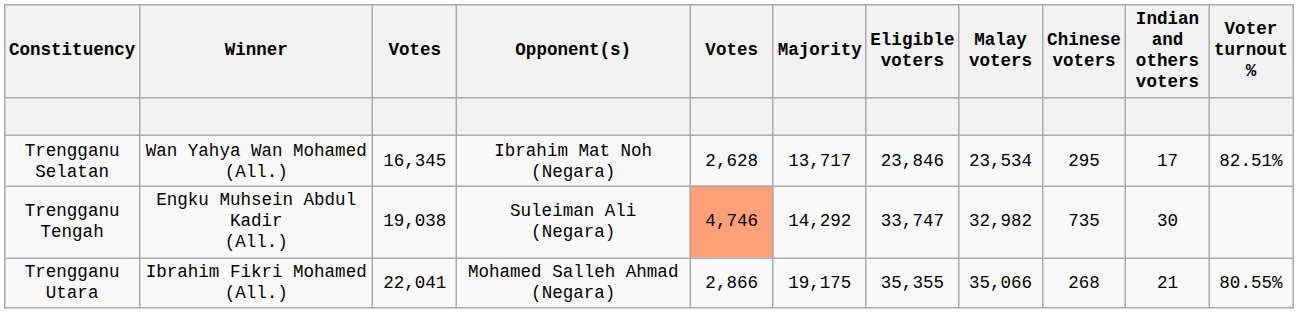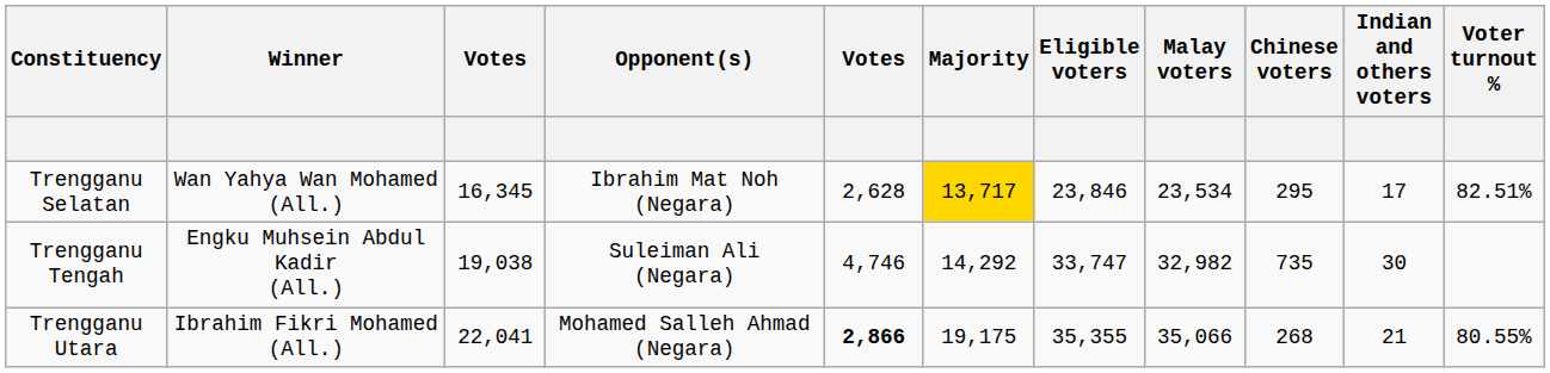 <table class="wikitable sortable" style="text-align:center; font-size:90%">
 <tr>
 <th width="60">Constituency</th>
 <th width="150">Winner</th>
 <th width="50">Votes</th>
 <th width="150">Opponent(s)</th>
 <th width="50">Votes</th>
 <th width="50">Majority</th>
 <th width="50">Eligible voters</th>
 <th width="50">Malay voters</th>
 <th width="50">Chinese voters</th>
 <th width="50">Indian and others voters</th>
 <th width="50">Voter turnout %</th>
 </tr>
 <tr>
 <th height="20"></th>
 <th></th>
 <th></th>
 <th></th>
 <th></th>
 <th></th>
 <th></th>
 <th></th>
 <th></th>
 <th></th>
 <th></th>
 </tr>
 <tr>
 <td>Trengganu Selatan</td>
 <td>Wan Yahya Wan Mohamed<br>(All.)</td>
 <td>16,345</td>
 <td>Ibrahim Mat Noh<br>(Negara)</td>
 <td>2,628</td>
-<td>13,717</td>
+<td style="background: gold;">13,717</td>
 <td>23,846</td>
 <td>23,534</td>
 <td>295</td>
 <td>17</td>
 <td>82.51%</td>
 </tr>
 <tr>
 <td>Trengganu Tengah</td>
 <td>Engku Muhsein Abdul Kadir<br>(All.)</td>
 <td>19,038</td>
 <td>Suleiman Ali<br>(Negara)</td>
-<td style="background: lightsalmon;">4,746</td>
+<td>4,746</td>
 <td>14,292</td>
 <td>33,747</td>
 <td>32,982</td>
 <td>735</td>
 <td>30</td>
 <td></td>
 </tr>
 <tr>
 <td>Trengganu Utara</td>
 <td>Ibrahim Fikri Mohamed<br>(All.)</td>
 <td>22,041</td>
 <td>Mohamed Salleh Ahmad<br>(Negara)</td>
-<td>2,866</td>
+<td><strong>2,866</strong></td>
 <td>19,175</td>
 <td>35,355</td>
 <td>35,066</td>
 <td>268</td>
 <td>21</td>
 <td>80.55%</td>
 </tr>
 </table>
